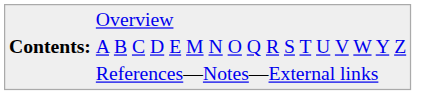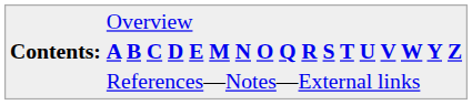 <table style="background:#efefef; border:1px solid #aaa;">
 <tr>
 <td rowspan=3><strong>Contents:</strong></td>
 <td><a href='#'>Overview</a></td>
 </tr>
 <tr>
-<td><a href='#'>A</a> <a href='#'>B</a> <a href='#'>C</a> <a href='#'>D</a> <a href='#'>E</a> <a href='#'>M</a> <a href='#'>N</a> <a href='#'>O</a> <a href='#'>Q</a> <a href='#'>R</a> <a href='#'>S</a> <a href='#'>T</a> <a href='#'>U</a> <a href='#'>V</a> <a href='#'>W</a> <a href='#'>Y</a> <a href='#'>Z</a></td>
+<td><strong><a href='#'>A</a> <a href='#'>B</a> <a href='#'>C</a> <a href='#'>D</a> <a href='#'>E</a> <a href='#'>M</a> <a href='#'>N</a> <a href='#'>O</a> <a href='#'>Q</a> <a href='#'>R</a> <a href='#'>S</a> <a href='#'>T</a> <a href='#'>U</a> <a href='#'>V</a> <a href='#'>W</a> <a href='#'>Y</a> <a href='#'>Z</a></strong></td>
 </tr>
 <tr>
 <td><a href='#'>References</a>—<a href='#'>Notes</a>—<a href='#'>External links</a></td>
 </tr>
 </table>
